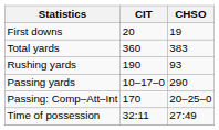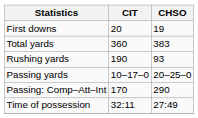 <table class="wikitable" style="float: left;">
 <tr>
 <th>Statistics</th>
 <th>CIT</th>
 <th>CHSO</th>
 </tr>
 <tr>
 <td>First downs</td>
 <td>20</td>
 <td>19</td>
 </tr>
 <tr>
 <td>Total yards</td>
 <td>360</td>
 <td>383</td>
 </tr>
 <tr>
 <td>Rushing yards</td>
 <td>190</td>
 <td>93</td>
 </tr>
 <tr>
 <td>Passing yards</td>
 <td>10–17–0</td>
-<td>290</td>
+<td>20–25–0</td>
 </tr>
 <tr>
 <td>Passing: Comp–Att–Int</td>
 <td>170</td>
-<td>20–25–0</td>
+<td>290</td>
 </tr>
 <tr>
 <td>Time of possession</td>
 <td>32:11</td>
 <td>27:49</td>
 </tr>
 <tr>
 </tr>
 </table>
